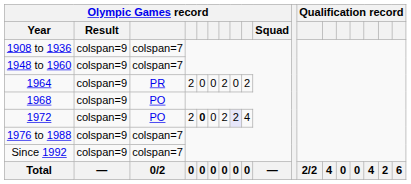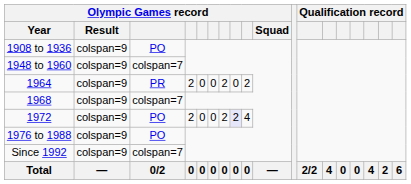 <table class="wikitable" style="text-align: center;">
 <tr>
 <th colspan=10><a href='#'>Olympic Games</a> record</th>
 <th rowspan=10></th>
 <th colspan=7>Qualification record</th>
 </tr>
 <tr>
 <th>Year</th>
 <th>Result</th>
 <th></th>
 <th></th>
 <th></th>
 <th></th>
 <th></th>
 <th></th>
 <th></th>
 <th>Squad</th>
 <th></th>
 <th></th>
 <th></th>
 <th></th>
 <th></th>
 <th></th>
 <th></th>
 </tr>
 <tr>
 <td> <a href='#'>1908</a> to  <a href='#'>1936</a></td>
 <td>colspan=9 </td>
-<td>colspan=7 </td>
+<td><a href='#'>PO</a></td>
 </tr>
 <tr>
 <td> <a href='#'>1948</a> to  <a href='#'>1960</a></td>
 <td>colspan=9 </td>
 <td>colspan=7 </td>
 </tr>
 <tr>
 <td> <a href='#'>1964</a></td>
 <td>colspan=9 </td>
 <td><a href='#'>PR</a></td>
 <td>2</td>
 <td>0</td>
 <td>0</td>
 <td>2</td>
 <td>0</td>
 <td>2</td>
 </tr>
 <tr>
 <td> <a href='#'>1968</a></td>
 <td>colspan=9 </td>
-<td><a href='#'>PO</a></td>
+<td>colspan=7 </td>
 </tr>
 <tr>
 <td> <a href='#'>1972</a></td>
 <td>colspan=9 </td>
 <td><a href='#'>PO</a></td>
 <td>2</td>
-<td><strong>0</strong></td>
+<td>0</td>
 <td>0</td>
 <td>2</td>
 <td style="background: lavender;">2</td>
 <td>4</td>
 </tr>
 <tr>
 <td> <a href='#'>1976</a> to  <a href='#'>1988</a></td>
 <td>colspan=9 </td>
-<td>colspan=7 </td>
+<td><a href='#'>PO</a></td>
 </tr>
 <tr>
 <td>Since  <a href='#'>1992</a></td>
 <td>colspan=9 </td>
 <td>colspan=7 </td>
 </tr>
 <tr>
 <th>Total</th>
 <th>—</th>
 <th>0/2</th>
 <th>0</th>
 <th>0</th>
 <th>0</th>
 <th>0</th>
 <th>0</th>
 <th>0</th>
 <th>—</th>
 <th>2/2</th>
 <th>4</th>
 <th>0</th>
 <th>0</th>
 <th>4</th>
 <th>2</th>
 <th>6</th>
 </tr>
 </table>
